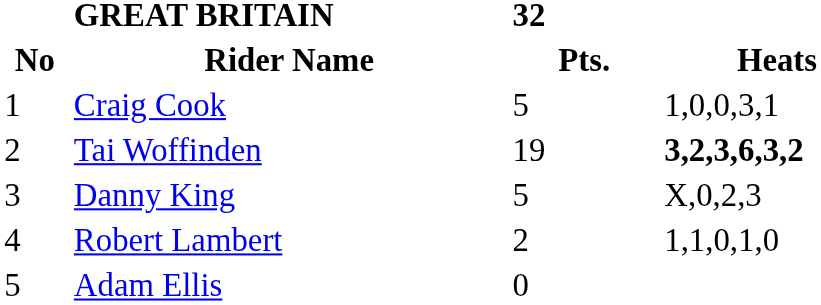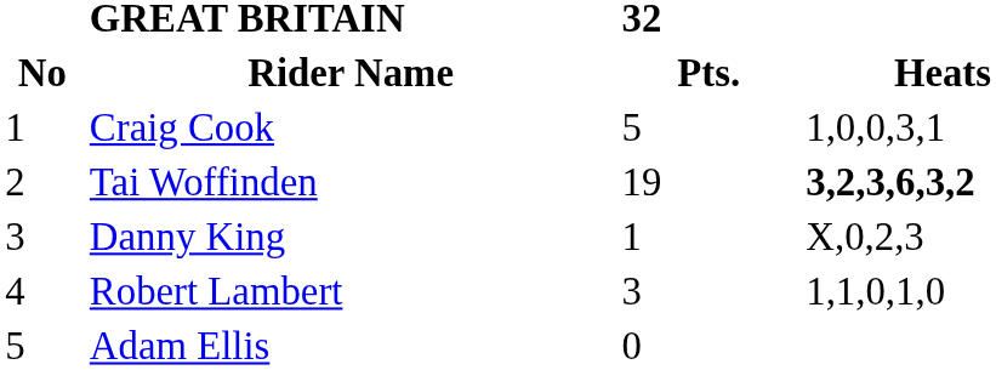 <table class="toccolours">
 <tr>
 <td></td>
 <td><strong>GREAT BRITAIN</strong></td>
 <td><strong>32</strong></td>
 </tr>
 <tr style="background-color:">
 <th width=30px>No</th>
 <th width=210px>Rider Name</th>
 <th width=70px>Pts.</th>
 <th width=110px>Heats</th>
 </tr>
 <tr style="background-color:">
 <td>1</td>
 <td><a href='#'>Craig Cook</a></td>
 <td>5</td>
 <td>1,0,0,3,1</td>
 </tr>
 <tr style="background-color:">
 <td>2</td>
 <td><a href='#'>Tai Woffinden</a></td>
 <td>19</td>
 <td><strong>3,2,3,6,3,2</strong></td>
 </tr>
 <tr style="background-color:">
 <td>3</td>
 <td><a href='#'>Danny King</a></td>
-<td>5</td>
+<td>1</td>
 <td>X,0,2,3</td>
 </tr>
 <tr style="background-color:">
 <td>4</td>
 <td><a href='#'>Robert Lambert</a></td>
-<td>2</td>
+<td>3</td>
 <td>1,1,0,1,0</td>
 </tr>
 <tr style="background-color:">
 <td>5</td>
 <td><a href='#'>Adam Ellis</a></td>
 <td>0</td>
 <td></td>
 </tr>
 </table>
